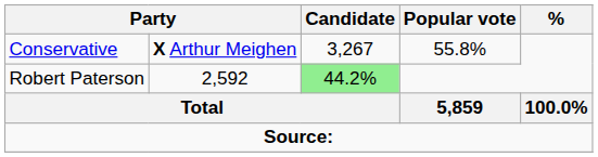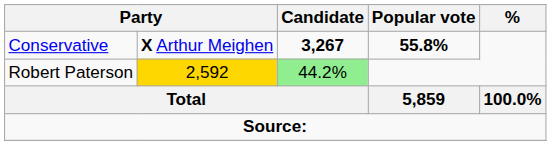 <table class="wikitable">
 <tr>
 <th colspan="2">Party</th>
 <th>Candidate</th>
 <th>Popular vote</th>
 <th>%</th>
 </tr>
 <tr>
 <td><a href='#'>Conservative</a></td>
 <td> <strong>X</strong> <a href='#'>Arthur Meighen</a></td>
-<td align=center>3,267</td>
-<td align=center>55.8%</td>
+<td align=center><strong>3,267</strong></td>
+<td align=center><strong>55.8%</strong></td>
 </tr>
 <tr>
 <td>Robert Paterson</td>
-<td align=center>2,592</td>
+<td align=center style="background: gold;">2,592</td>
 <td align=center style="background: lightgreen;">44.2%</td>
 </tr>
 <tr>
 <th colspan=3 align=center>Total</th>
 <th align=center>5,859</th>
 <th align=center>100.0%</th>
 </tr>
 <tr>
 <td align="center" colspan=5><strong>Source:</strong> </td>
 </tr>
 <tr>
 </tr>
 </table>
